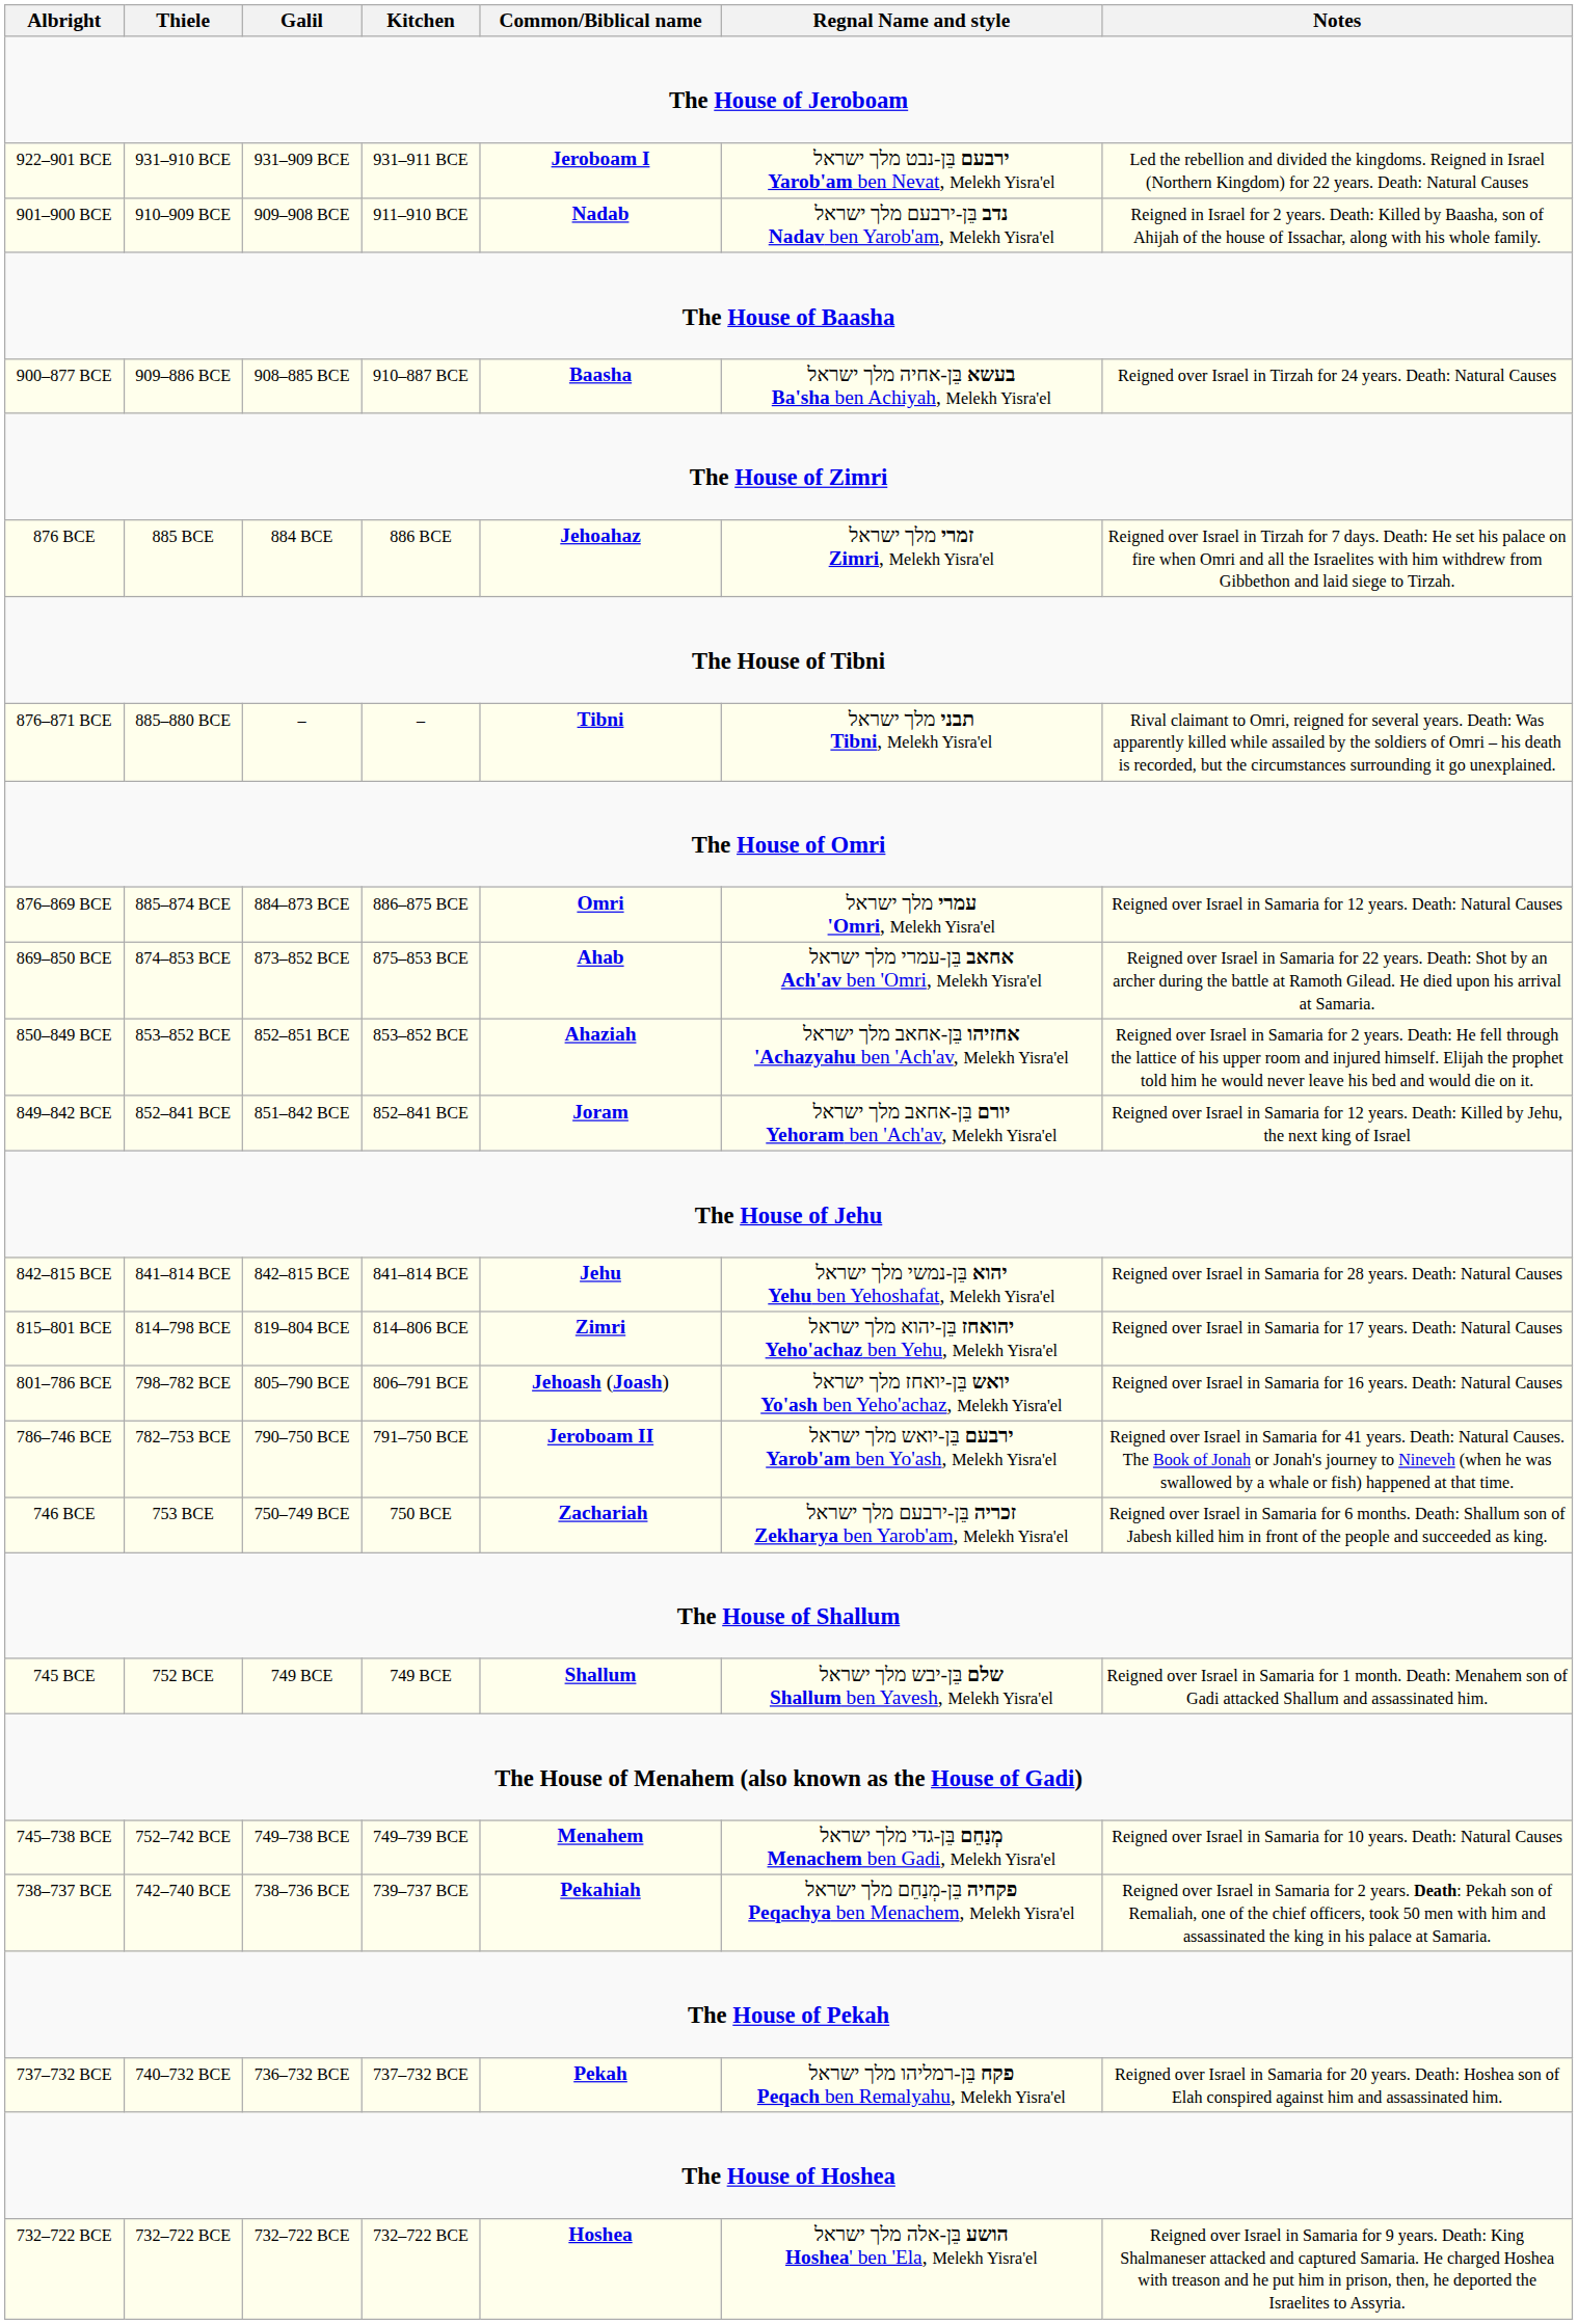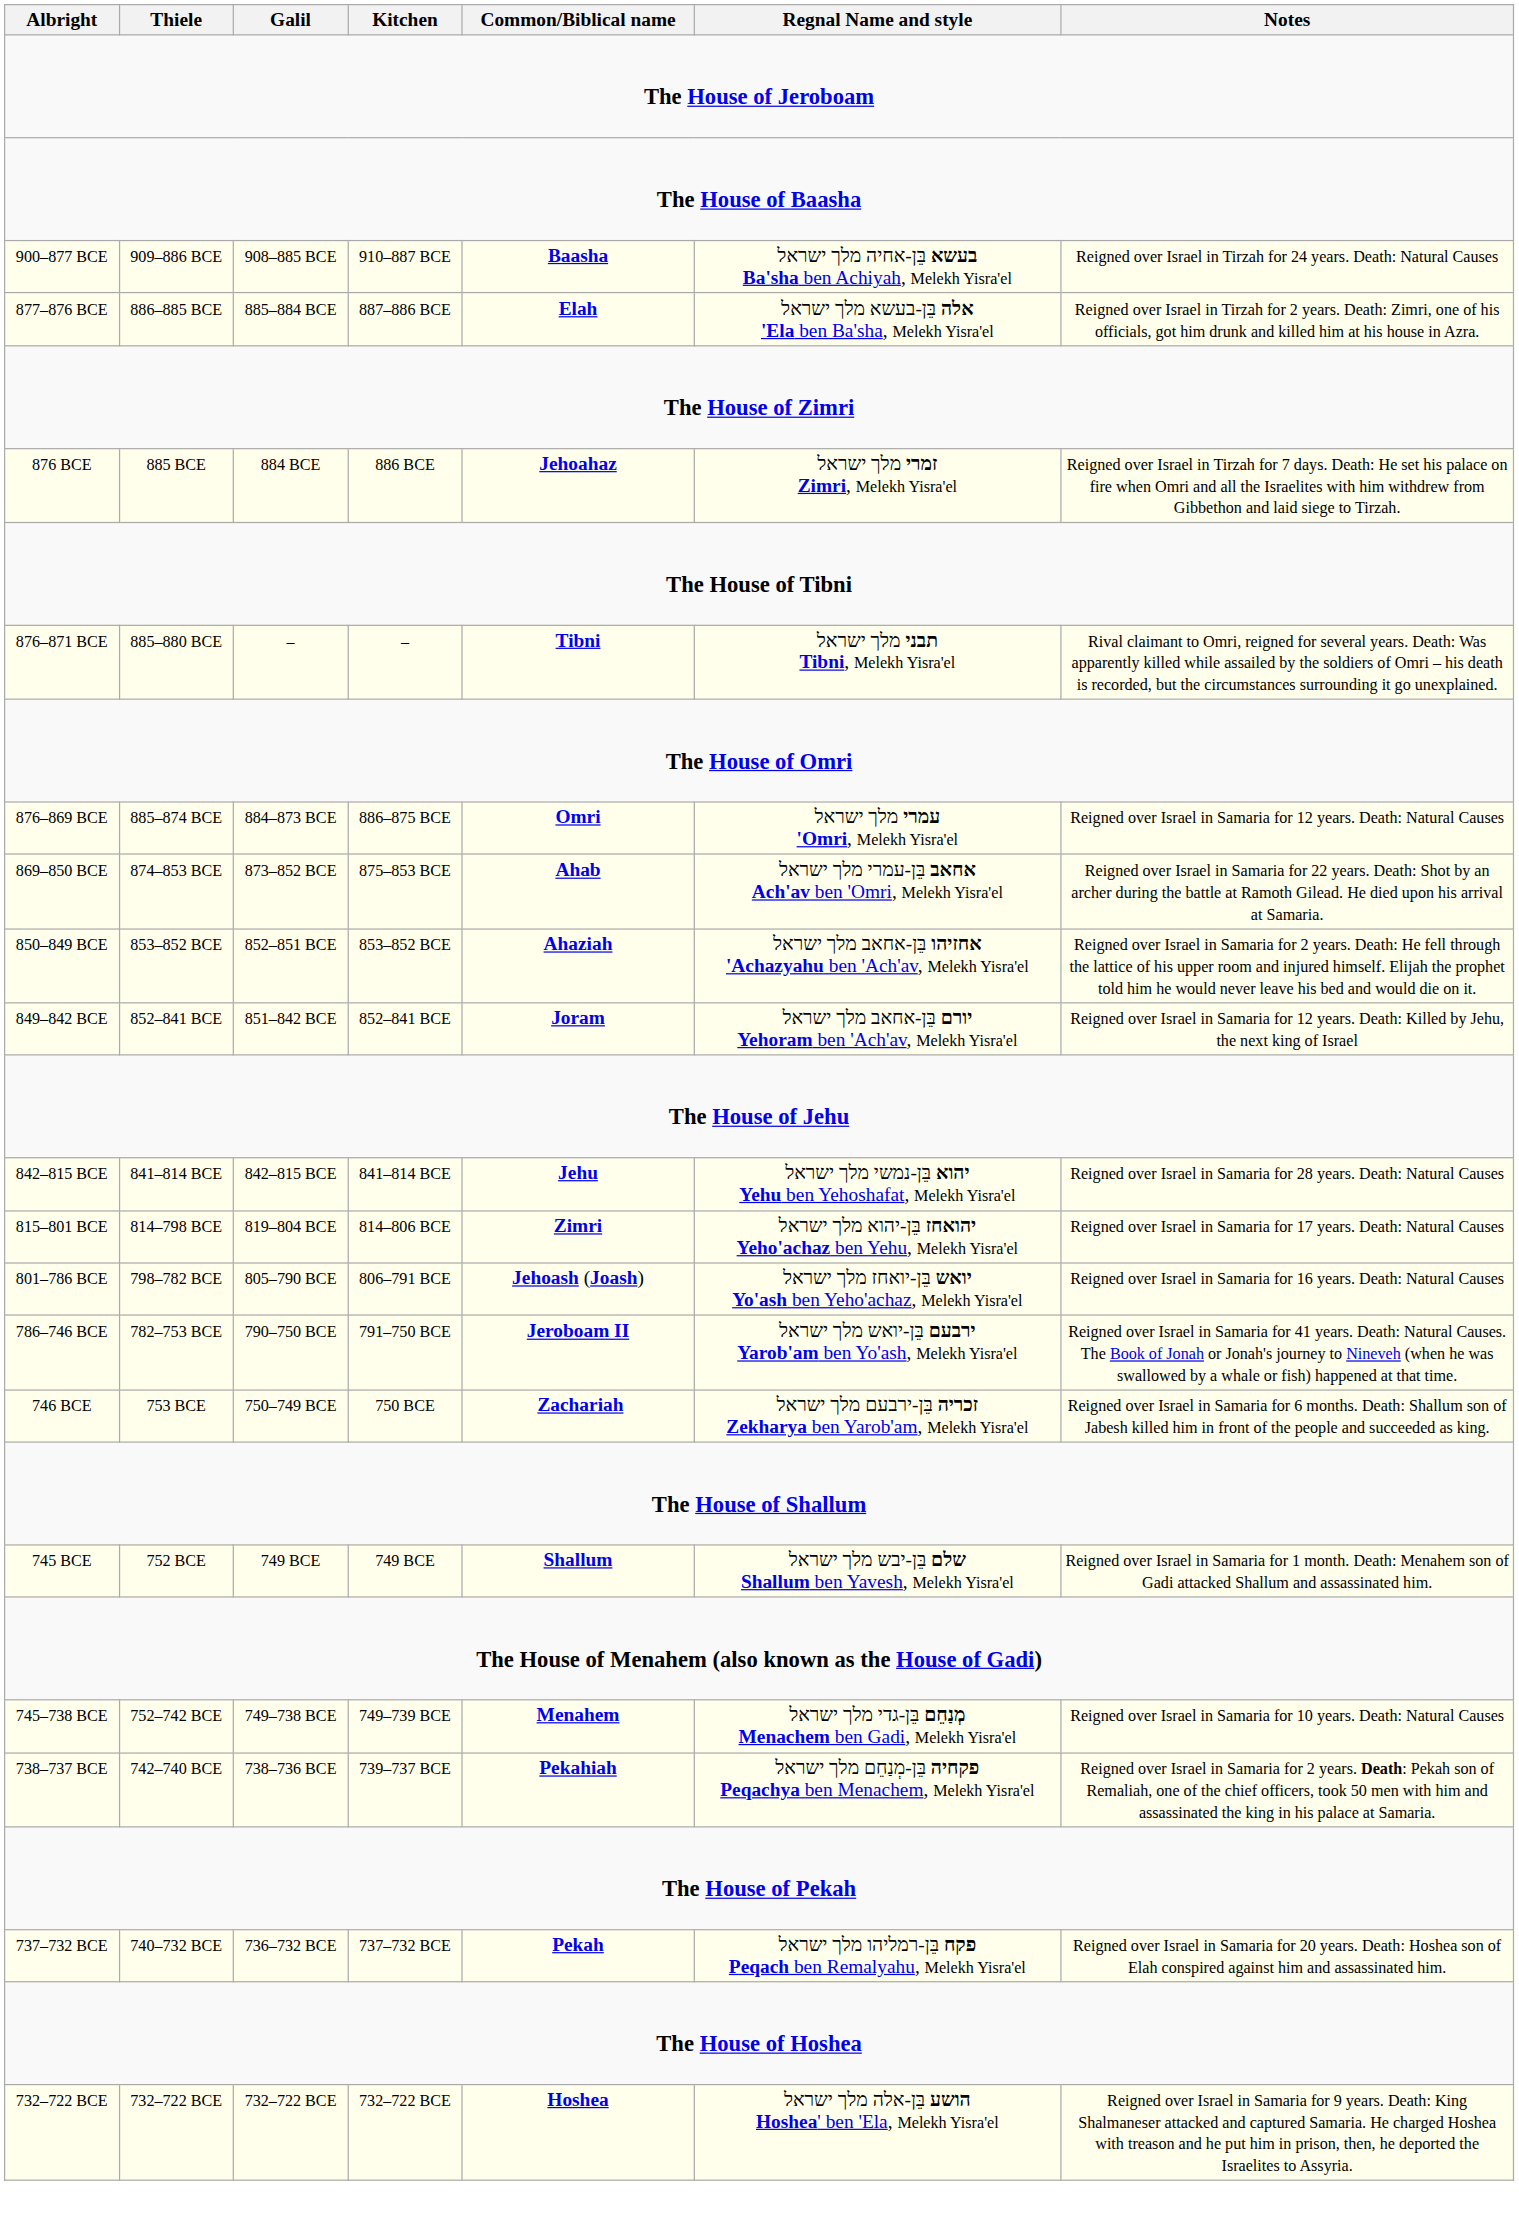 <table class="wikitable" style="align: center;">
 <tr>
 <th>Albright</th>
 <th>Thiele</th>
 <th>Galil</th>
 <th>Kitchen</th>
 <th>Common/Biblical name</th>
 <th>Regnal Name and style</th>
 <th style="width:30%;">Notes</th>
 </tr>
 <tr>
 <td colspan="7" style="text-align:center;"><br><h3>The <a href='#'>House of Jeroboam</a></h3></td>
 </tr>
-<tr style="background:#ffffec; vertical-align:top; text-align:center;">
-<td><small>922–901 BCE</small></td>
-<td><small>931–910 BCE</small></td>
-<td><small>931–909 BCE</small></td>
-<td><small>931–911 BCE</small></td>
-<td><strong><a href='#'>Jeroboam I</a></strong></td>
-<td><strong>ירבעם</strong> בֵּן-נבט מלך ישראל<br><a href='#'><strong>Yarob'am</strong> ben Nevat</a>, <small>Melekh Yisra'el</small></td>
-<td><small>Led the rebellion and divided the kingdoms. Reigned in Israel (Northern Kingdom) for 22 years. Death: Natural Causes</small></td>
-</tr>
-<tr style="background:#ffffec; vertical-align:top; text-align:center;">
-<td><small>901–900 BCE</small></td>
-<td><small>910–909 BCE</small></td>
-<td><small>909–908 BCE</small></td>
-<td><small>911–910 BCE</small></td>
-<td><strong><a href='#'>Nadab</a></strong></td>
-<td><strong>נדב</strong> בֵּן-ירבעם מלך ישראל<br><a href='#'><strong>Nadav</strong> ben Yarob'am</a>, <small>Melekh Yisra'el</small></td>
-<td><small>Reigned in Israel for 2 years. Death: Killed by Baasha, son of Ahijah of the house of Issachar, along with his whole family.</small></td>
-</tr>
 <tr>
 <td colspan="7" style="text-align:center;"><br><h3>The <a href='#'>House of Baasha</a></h3></td>
 </tr>
 <tr style="background:#ffffec; vertical-align:top; text-align:center;">
 <td><small>900–877 BCE</small></td>
 <td><small>909–886 BCE</small></td>
 <td><small>908–885 BCE</small></td>
 <td><small>910–887 BCE</small></td>
 <td><strong><a href='#'>Baasha</a></strong></td>
 <td><strong>בעשא</strong> בֵּן-אחיה מלך ישראל<br><a href='#'><strong>Ba'sha</strong> ben Achiyah</a>, <small>Melekh Yisra'el</small></td>
 <td><small>Reigned over Israel in Tirzah for 24 years. Death: Natural Causes</small></td>
+</tr>
+<tr style="background:#ffffec; vertical-align:top; text-align:center;">
+<td><small>877–876 BCE</small></td>
+<td><small>886–885 BCE</small></td>
+<td><small>885–884 BCE</small></td>
+<td><small>887–886 BCE</small></td>
+<td><strong><a href='#'>Elah</a></strong></td>
+<td><strong>אלה</strong> בֵּן-בעשא מלך ישראל<br><a href='#'><strong>'Ela</strong> ben Ba'sha</a>, <small>Melekh Yisra'el</small></td>
+<td><small>Reigned over Israel in Tirzah for 2 years. Death: Zimri, one of his officials, got him drunk and killed him at his house in Azra.</small></td>
 </tr>
 <tr>
 <td colspan="7" style="text-align:center;"><br><h3>The <a href='#'>House of Zimri</a></h3></td>
 </tr>
 <tr style="background:#ffffec; vertical-align:top; text-align:center;">
 <td><small>876 BCE</small></td>
 <td><small>885 BCE</small></td>
 <td><small>884 BCE</small></td>
 <td><small>886 BCE</small></td>
 <td><strong><a href='#'>Jehoahaz</a></strong></td>
 <td><strong>זמרי</strong> מלך ישראל<br><strong><a href='#'>Zimri</a></strong>, <small>Melekh Yisra'el</small></td>
 <td><small>Reigned over Israel in Tirzah for 7 days. Death: He set his palace on fire when Omri and all the Israelites with him withdrew from Gibbethon and laid siege to Tirzah.</small></td>
 </tr>
 <tr>
 <td colspan="7" style="text-align:center;"><br><h3>The House of Tibni</h3></td>
 </tr>
 <tr style="background:#ffffec; vertical-align:top; text-align:center;">
 <td><small>876–871 BCE</small></td>
 <td><small>885–880 BCE</small></td>
 <td><small>–</small></td>
 <td><small>–</small></td>
 <td><strong><a href='#'>Tibni</a></strong></td>
 <td><strong>תבני</strong> מלך ישראל<br><strong><a href='#'>Tibni</a></strong>, <small>Melekh Yisra'el</small></td>
 <td><small>Rival claimant to Omri, reigned for several years. Death: Was apparently killed while assailed by the soldiers of Omri – his death is recorded, but the circumstances surrounding it go unexplained.</small></td>
 </tr>
 <tr>
 <td colspan="7" style="text-align:center;"><br><h3>The <a href='#'>House of Omri</a></h3></td>
 </tr>
 <tr style="background:#ffffec; vertical-align:top; text-align:center;">
 <td><small>876–869 BCE</small></td>
 <td><small>885–874 BCE</small></td>
 <td><small>884–873 BCE</small></td>
 <td><small>886–875 BCE</small></td>
 <td><strong><a href='#'>Omri</a></strong></td>
 <td><strong>עמרי</strong> מלך ישראל<br><strong><a href='#'>'Omri</a></strong>, <small>Melekh Yisra'el</small></td>
 <td><small>Reigned over Israel in Samaria for 12 years. Death: Natural Causes</small></td>
 </tr>
 <tr style="background:#ffffec; vertical-align:top; text-align:center;">
 <td><small>869–850 BCE</small></td>
 <td><small>874–853 BCE</small></td>
 <td><small>873–852 BCE</small></td>
 <td><small>875–853 BCE</small></td>
 <td><strong><a href='#'>Ahab</a></strong></td>
 <td><strong>אחאב</strong> בֵּן-עמרי מלך ישראל<br><a href='#'><strong>Ach'av</strong> ben 'Omri</a>, <small>Melekh Yisra'el</small></td>
 <td><small>Reigned over Israel in Samaria for 22 years. Death: Shot by an archer during the battle at Ramoth Gilead. He died upon his arrival at Samaria.</small></td>
 </tr>
 <tr style="background:#ffffec; vertical-align:top; text-align:center;">
 <td><small>850–849 BCE</small></td>
 <td><small>853–852 BCE</small></td>
 <td><small>852–851 BCE</small></td>
 <td><small>853–852 BCE</small></td>
 <td><strong><a href='#'>Ahaziah</a></strong></td>
 <td><strong>אחזיהו</strong> בֵּן-אחאב מלך ישראל<br><a href='#'><strong>'Achazyahu</strong> ben 'Ach'av</a>, <small>Melekh Yisra'el</small></td>
 <td><small>Reigned over Israel in Samaria for 2 years. Death: He fell through the lattice of his upper room and injured himself. Elijah the prophet told him he would never leave his bed and would die on it.</small></td>
 </tr>
 <tr style="background:#ffffec; vertical-align:top; text-align:center;">
 <td><small>849–842 BCE</small></td>
 <td><small>852–841 BCE</small></td>
 <td><small>851–842 BCE</small></td>
 <td><small>852–841 BCE</small></td>
 <td><strong><a href='#'>Joram</a></strong></td>
 <td><strong>יורם</strong> בֵּן-אחאב מלך ישראל<br><a href='#'><strong>Yehoram</strong> ben 'Ach'av</a>, <small>Melekh Yisra'el</small></td>
 <td><small>Reigned over Israel in Samaria for 12 years. Death: Killed by Jehu, the next king of Israel</small></td>
 </tr>
 <tr>
 <td colspan="7" style="text-align:center;"><br><h3>The <a href='#'>House of Jehu</a></h3></td>
 </tr>
 <tr style="background:#ffffec; vertical-align:top; text-align:center;">
 <td><small>842–815 BCE</small></td>
 <td><small>841–814 BCE</small></td>
 <td><small>842–815 BCE</small></td>
 <td><small>841–814 BCE</small></td>
 <td><strong><a href='#'>Jehu</a></strong></td>
 <td><strong>יהוא</strong> בֵּן-נמשי מלך ישראל<br><a href='#'><strong>Yehu</strong> ben Yehoshafat</a>, <small>Melekh Yisra'el</small></td>
 <td><small>Reigned over Israel in Samaria for 28 years. Death: Natural Causes</small></td>
 </tr>
 <tr style="background:#ffffec; vertical-align:top; text-align:center;">
 <td><small>815–801 BCE</small></td>
 <td><small>814–798 BCE</small></td>
 <td><small>819–804 BCE</small></td>
 <td><small>814–806 BCE</small></td>
 <td><strong><a href='#'>Zimri</a></strong></td>
 <td><strong>יהואחז</strong> בֵּן-יהוא מלך ישראל<br><a href='#'><strong>Yeho'achaz</strong> ben Yehu</a>, <small>Melekh Yisra'el</small></td>
 <td><small>Reigned over Israel in Samaria for 17 years. Death: Natural Causes</small></td>
 </tr>
 <tr style="background:#ffffec; vertical-align:top; text-align:center;">
 <td><small>801–786 BCE</small></td>
 <td><small>798–782 BCE</small></td>
 <td><small>805–790 BCE</small></td>
 <td><small>806–791 BCE</small></td>
 <td><strong><a href='#'>Jehoash</a></strong> (<strong><a href='#'>Joash</a></strong>)</td>
 <td><strong>יואש</strong> בֵּן-יואחז מלך ישראל<br><a href='#'><strong>Yo'ash</strong> ben Yeho'achaz</a>, <small>Melekh Yisra'el</small></td>
 <td><small>Reigned over Israel in Samaria for 16 years. Death: Natural Causes</small></td>
 </tr>
 <tr style="background:#ffffec; vertical-align:top; text-align:center;">
 <td><small>786–746 BCE</small></td>
 <td><small>782–753 BCE</small></td>
 <td><small>790–750 BCE</small></td>
 <td><small>791–750 BCE</small></td>
 <td><strong><a href='#'>Jeroboam II</a></strong></td>
 <td><strong>ירבעם</strong> בֵּן-יואש מלך ישראל<br><a href='#'><strong>Yarob'am</strong> ben Yo'ash</a>, <small>Melekh Yisra'el</small></td>
 <td><small>Reigned over Israel in Samaria for 41 years. Death: Natural Causes. The <a href='#'>Book of Jonah</a> or Jonah's journey to <a href='#'>Nineveh</a> (when he was swallowed by a whale or fish) happened at that time.</small></td>
 </tr>
 <tr style="background:#ffffec; vertical-align:top; text-align:center;">
 <td><small>746 BCE</small></td>
 <td><small>753 BCE</small></td>
 <td><small>750–749 BCE</small></td>
 <td><small>750 BCE</small></td>
 <td> <strong><a href='#'>Zachariah</a></strong></td>
 <td><strong>זכריה</strong> בֵּן-ירבעם מלך ישראל<br><a href='#'><strong>Zekharya</strong> ben Yarob'am</a>, <small>Melekh Yisra'el</small></td>
 <td><small>Reigned over Israel in Samaria for 6 months. Death: Shallum son of Jabesh killed him in front of the people and succeeded as king.</small></td>
 </tr>
 <tr>
 <td colspan="7" style="text-align:center;"><br><h3>The <a href='#'>House of Shallum</a></h3></td>
 </tr>
 <tr style="background:#ffffec; vertical-align:top; text-align:center;">
 <td><small>745 BCE</small></td>
 <td><small>752 BCE</small></td>
 <td><small>749 BCE</small></td>
 <td><small>749 BCE</small></td>
 <td><strong><a href='#'>Shallum</a></strong></td>
 <td><strong>שלם</strong> בֵּן-יבש מלך ישראל<br><a href='#'><strong>Shallum</strong> ben Yavesh</a>, <small>Melekh Yisra'el</small></td>
 <td><small>Reigned over Israel in Samaria for 1 month. Death: Menahem son of Gadi attacked Shallum and assassinated him.</small></td>
 </tr>
 <tr>
 <td colspan="7" style="text-align:center;"><br><h3>The House of Menahem (also known as the <a href='#'>House of Gadi</a>)</h3></td>
 </tr>
 <tr style="background:#ffffec; vertical-align:top; text-align:center;">
 <td><small>745–738 BCE</small></td>
 <td><small>752–742 BCE</small></td>
 <td><small>749–738 BCE</small></td>
 <td><small>749–739 BCE</small></td>
 <td><strong><a href='#'>Menahem</a></strong></td>
 <td><strong>מְנַחֵם</strong> בֵּן-גדי מלך ישראל<br><a href='#'><strong>Menachem</strong> ben Gadi</a>, <small>Melekh Yisra'el</small></td>
 <td><small>Reigned over Israel in Samaria for 10 years. Death: Natural Causes</small></td>
 </tr>
 <tr style="background:#ffffec; vertical-align:top; text-align:center;">
 <td><small>738–737 BCE</small></td>
 <td><small>742–740 BCE</small></td>
 <td><small>738–736 BCE</small></td>
 <td><small>739–737 BCE</small></td>
 <td><strong><a href='#'>Pekahiah</a></strong></td>
 <td><strong>פקחיה</strong> בֵּן-מְנַחֵם מלך ישראל<br><a href='#'><strong>Peqachya</strong> ben Menachem</a>, <small>Melekh Yisra'el</small></td>
 <td><small>Reigned over Israel in Samaria for 2 years. <strong>Death</strong>: Pekah son of Remaliah, one of the chief officers, took 50 men with him and assassinated the king in his palace at Samaria.</small></td>
 </tr>
 <tr>
 <td colspan="7" style="text-align:center;"><br><h3>The <a href='#'>House of Pekah</a></h3></td>
 </tr>
 <tr style="background:#ffffec; vertical-align:top; text-align:center;">
 <td><small>737–732 BCE</small></td>
 <td><small>740–732 BCE</small></td>
 <td><small>736–732 BCE</small></td>
 <td><small>737–732 BCE</small></td>
 <td><strong><a href='#'>Pekah</a></strong></td>
 <td><strong>פקח</strong> בֵּן-רמליהו מלך ישראל<br><a href='#'><strong>Peqach</strong> ben Remalyahu</a>, <small>Melekh Yisra'el</small></td>
 <td><small>Reigned over Israel in Samaria for 20 years. Death: Hoshea son of Elah conspired against him and assassinated him.</small></td>
 </tr>
 <tr>
 <td colspan="7" style="text-align:center;"><br><h3>The <a href='#'>House of Hoshea</a></h3></td>
 </tr>
 <tr style="background:#ffffec; vertical-align:top; text-align:center;">
 <td><small>732–722 BCE</small></td>
 <td><small>732–722 BCE</small></td>
 <td><small>732–722 BCE</small></td>
 <td><small>732–722 BCE</small></td>
 <td><strong><a href='#'>Hoshea</a></strong></td>
 <td><strong>הושע</strong> בֵּן-אלה מלך ישראל<br><a href='#'><strong>Hoshea</strong>' ben 'Ela</a>, <small>Melekh Yisra'el</small></td>
 <td><small>Reigned over Israel in Samaria for 9 years. Death: King Shalmaneser attacked and captured Samaria. He charged Hoshea with treason and he put him in prison, then, he deported the Israelites to Assyria.</small></td>
 </tr>
 </table>
